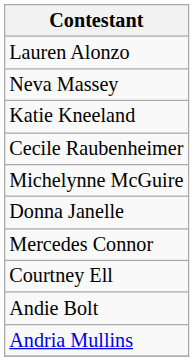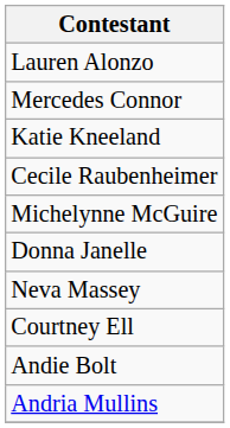 <table class="wikitable">
 <tr>
 <th>Contestant</th>
 </tr>
 <tr>
 <td>Lauren Alonzo</td>
 </tr>
 <tr>
-<td>Neva Massey</td>
+<td>Mercedes Connor</td>
 </tr>
 <tr>
 <td>Katie Kneeland</td>
 </tr>
 <tr>
 <td>Cecile Raubenheimer</td>
 </tr>
 <tr>
 <td>Michelynne McGuire</td>
 </tr>
 <tr>
 <td>Donna Janelle</td>
 </tr>
 <tr>
-<td>Mercedes Connor</td>
+<td>Neva Massey</td>
 </tr>
 <tr>
 <td>Courtney Ell</td>
 </tr>
 <tr>
 <td>Andie Bolt</td>
 </tr>
 <tr>
 <td><a href='#'>Andria Mullins</a></td>
 </tr>
 <tr>
 </tr>
 </table>
